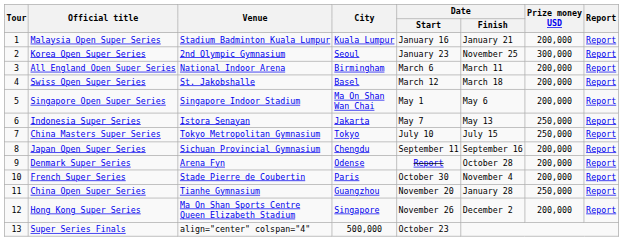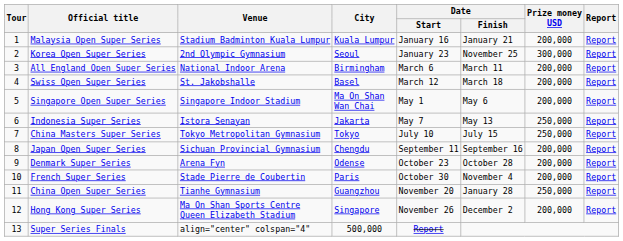 <table class=wikitable style="font-size:89%">
 <tr>
 <th rowspan="2">Tour</th>
 <th rowspan="2">Official title</th>
 <th rowspan="2">Venue</th>
 <th rowspan="2">City</th>
 <th colspan="2">Date</th>
 <th rowspan="2">Prize money <br> <a href='#'>USD</a></th>
 <th rowspan="2">Report</th>
 </tr>
 <tr>
 <th>Start</th>
 <th>Finish</th>
 </tr>
 <tr>
 <td align="center">1</td>
 <td> <a href='#'>Malaysia Open Super Series</a></td>
 <td><a href='#'>Stadium Badminton Kuala Lumpur</a></td>
 <td><a href='#'>Kuala Lumpur</a></td>
 <td>January 16</td>
 <td>January 21</td>
 <td align="center">200,000</td>
 <td align="center"><a href='#'>Report</a></td>
 </tr>
 <tr>
 <td align="center">2</td>
 <td> <a href='#'>Korea Open Super Series</a></td>
 <td><a href='#'>2nd Olympic Gymnasium</a></td>
 <td><a href='#'>Seoul</a></td>
 <td>January 23</td>
 <td>November 25</td>
 <td align="center">300,000</td>
 <td align="center"><a href='#'>Report</a></td>
 </tr>
 <tr>
 <td align="center">3</td>
 <td> <a href='#'>All England Open Super Series</a></td>
 <td><a href='#'>National Indoor Arena</a></td>
 <td><a href='#'>Birmingham</a></td>
 <td>March 6</td>
 <td>March 11</td>
 <td align="center">200,000</td>
 <td align="center"><a href='#'>Report</a></td>
 </tr>
 <tr>
 <td align="center">4</td>
 <td> <a href='#'>Swiss Open Super Series</a></td>
 <td><a href='#'>St. Jakobshalle</a></td>
 <td><a href='#'>Basel</a></td>
 <td>March 12</td>
 <td>March 18</td>
 <td align="center">200,000</td>
 <td align="center"><a href='#'>Report</a></td>
 </tr>
 <tr>
 <td align="center">5</td>
 <td> <a href='#'>Singapore Open Super Series</a></td>
 <td><a href='#'>Singapore Indoor Stadium</a></td>
 <td><a href='#'>Ma On Shan</a> <br> <a href='#'>Wan Chai</a></td>
 <td>May 1</td>
 <td>May 6</td>
 <td align="center">200,000</td>
 <td align="center"><a href='#'>Report</a></td>
 </tr>
 <tr>
 <td align="center">6</td>
 <td> <a href='#'>Indonesia Super Series</a></td>
 <td><a href='#'>Istora Senayan</a></td>
 <td><a href='#'>Jakarta</a></td>
 <td>May 7</td>
 <td>May 13</td>
 <td align="center">250,000</td>
 <td align="center"><a href='#'>Report</a></td>
 </tr>
 <tr>
 <td align="center">7</td>
 <td> <a href='#'>China Masters Super Series</a></td>
 <td><a href='#'>Tokyo Metropolitan Gymnasium</a></td>
 <td><a href='#'>Tokyo</a></td>
 <td>July 10</td>
 <td>July 15</td>
 <td align="center">250,000</td>
 <td align="center"><a href='#'>Report</a></td>
 </tr>
 <tr>
 <td align="center">8</td>
 <td> <a href='#'>Japan Open Super Series</a></td>
 <td><a href='#'>Sichuan Provincial Gymnasium</a></td>
 <td><a href='#'>Chengdu</a></td>
 <td>September 11</td>
 <td>September 16</td>
 <td align="center">200,000</td>
 <td align="center"><a href='#'>Report</a></td>
 </tr>
 <tr>
 <td align="center">9</td>
 <td> <a href='#'>Denmark Super Series</a></td>
 <td><a href='#'>Arena Fyn</a></td>
 <td><a href='#'>Odense</a></td>
-<td align="center"><s><a href='#'>Report</a></s></td>
+<td>October 23</td>
 <td>October 28</td>
 <td align="center">200,000</td>
 <td align="center"><a href='#'>Report</a></td>
 </tr>
 <tr>
 <td align="center">10</td>
 <td> <a href='#'>French Super Series</a></td>
 <td><a href='#'>Stade Pierre de Coubertin</a></td>
 <td><a href='#'>Paris</a></td>
 <td>October 30</td>
 <td>November 4</td>
 <td align="center">200,000</td>
 <td align="center"><a href='#'>Report</a></td>
 </tr>
 <tr>
 <td align="center">11</td>
 <td> <a href='#'>China Open Super Series</a></td>
 <td><a href='#'>Tianhe Gymnasium</a></td>
 <td><a href='#'>Guangzhou</a></td>
 <td>November 20</td>
 <td>January 28</td>
 <td align="center">250,000</td>
 <td align="center"><a href='#'>Report</a></td>
 </tr>
 <tr>
 <td align="center">12</td>
 <td> <a href='#'>Hong Kong Super Series</a></td>
 <td><a href='#'>Ma On Shan Sports Centre</a> <br> <a href='#'>Queen Elizabeth Stadium</a></td>
 <td><a href='#'>Singapore</a></td>
 <td>November 26</td>
 <td>December 2</td>
 <td align="center">200,000</td>
 <td align="center"><a href='#'>Report</a></td>
 </tr>
 <tr>
 <td align="center">13</td>
 <td><a href='#'>Super Series Finals</a></td>
 <td>align="center" colspan="4" </td>
 <td align="center">500,000</td>
-<td>October 23</td>
+<td align="center"><s><a href='#'>Report</a></s></td>
 </tr>
 </table>
